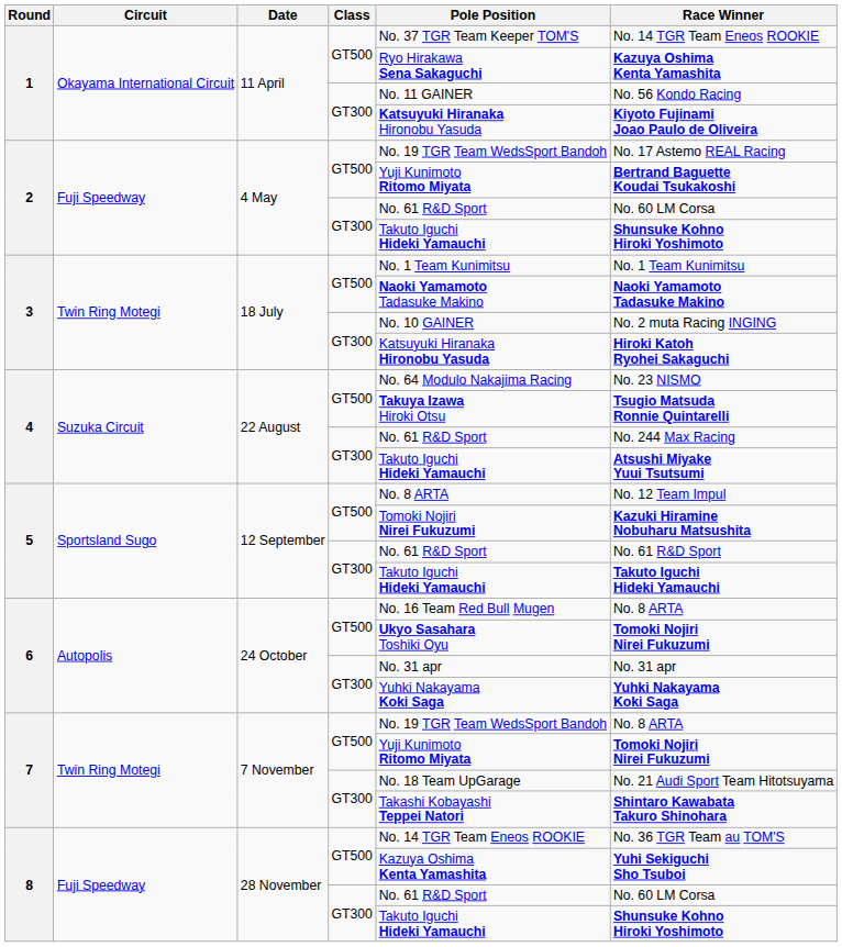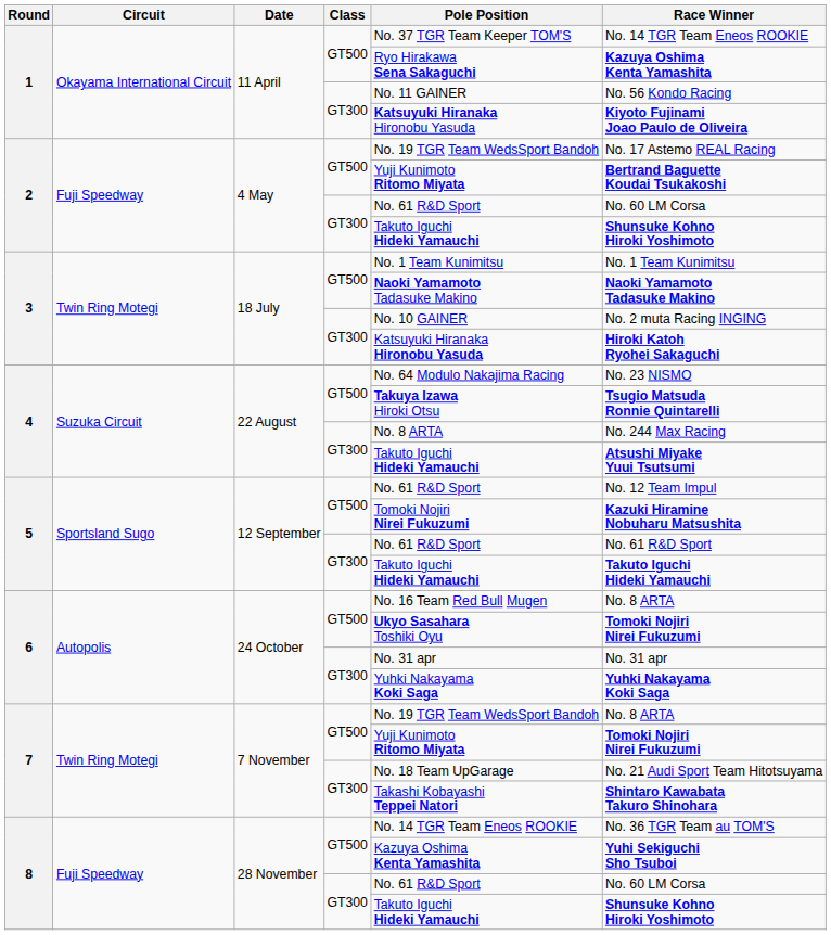 <table class="wikitable" style="font-size:85%;">
 <tr>
 <th>Round</th>
 <th>Circuit</th>
 <th>Date</th>
 <th>Class</th>
 <th>Pole Position</th>
 <th>Race Winner</th>
 </tr>
 <tr>
 <th rowspan="4">1</th>
 <td rowspan="4"><a href='#'>Okayama International Circuit</a></td>
 <td rowspan="4">11 April</td>
 <td rowspan="2" align="center">GT500</td>
 <td>No. 37 <a href='#'>TGR</a> Team Keeper <a href='#'>TOM'S</a></td>
 <td>No. 14 <a href='#'>TGR</a> Team <a href='#'>Eneos</a> <a href='#'>ROOKIE</a></td>
 </tr>
 <tr>
 <td> <a href='#'>Ryo Hirakawa</a><br><strong> <a href='#'>Sena Sakaguchi</a></strong></td>
 <td><strong> <a href='#'>Kazuya Oshima</a><br> <a href='#'>Kenta Yamashita</a></strong></td>
 </tr>
 <tr>
 <td rowspan="2" align="center">GT300</td>
 <td>No. 11 GAINER</td>
 <td>No. 56 <a href='#'>Kondo Racing</a></td>
 </tr>
 <tr>
 <td><strong> <a href='#'>Katsuyuki Hiranaka</a></strong><br> <a href='#'>Hironobu Yasuda</a></td>
 <td><strong> <a href='#'>Kiyoto Fujinami</a><br> <a href='#'>Joao Paulo de Oliveira</a></strong></td>
 </tr>
 <tr>
 <th rowspan="4">2</th>
 <td rowspan="4"><a href='#'>Fuji Speedway</a></td>
 <td rowspan="4">4 May</td>
 <td rowspan="2" align="center">GT500</td>
 <td>No. 19 <a href='#'>TGR</a> <a href='#'>Team WedsSport Bandoh</a></td>
 <td>No. 17 Astemo <a href='#'>REAL Racing</a></td>
 </tr>
 <tr>
 <td> <a href='#'>Yuji Kunimoto</a><br><strong> <a href='#'>Ritomo Miyata</a></strong></td>
 <td><strong> <a href='#'>Bertrand Baguette</a><br> <a href='#'>Koudai Tsukakoshi</a></strong></td>
 </tr>
 <tr>
 <td rowspan="2" align="center">GT300</td>
 <td>No. 61 <a href='#'>R&D Sport</a></td>
 <td>No. 60 LM Corsa</td>
 </tr>
 <tr>
 <td> <a href='#'>Takuto Iguchi</a><br><strong> <a href='#'>Hideki Yamauchi</a></strong></td>
 <td><strong> <a href='#'>Shunsuke Kohno</a><br> <a href='#'>Hiroki Yoshimoto</a></strong></td>
 </tr>
 <tr>
 <th rowspan="4">3</th>
 <td rowspan="4"><a href='#'>Twin Ring Motegi</a></td>
 <td rowspan="4">18 July</td>
 <td rowspan="2" align="center">GT500</td>
 <td>No. 1 <a href='#'>Team Kunimitsu</a></td>
 <td>No. 1 <a href='#'>Team Kunimitsu</a></td>
 </tr>
 <tr>
 <td><strong> <a href='#'>Naoki Yamamoto</a></strong><br> <a href='#'>Tadasuke Makino</a></td>
 <td><strong> <a href='#'>Naoki Yamamoto</a><br> <a href='#'>Tadasuke Makino</a></strong></td>
 </tr>
 <tr>
 <td rowspan="2" align="center">GT300</td>
 <td>No. 10 <a href='#'>GAINER</a></td>
 <td>No. 2 muta Racing <a href='#'>INGING</a></td>
 </tr>
 <tr>
 <td> <a href='#'>Katsuyuki Hiranaka</a><br><strong> <a href='#'>Hironobu Yasuda</a></strong></td>
 <td><strong> <a href='#'>Hiroki Katoh</a><br> <a href='#'>Ryohei Sakaguchi</a></strong></td>
 </tr>
 <tr>
 <th rowspan="4">4</th>
 <td rowspan="4"><a href='#'>Suzuka Circuit</a></td>
 <td rowspan="4">22 August</td>
 <td rowspan="2" align="center">GT500</td>
 <td>No. 64 <a href='#'>Modulo Nakajima Racing</a></td>
 <td>No. 23 <a href='#'>NISMO</a></td>
 </tr>
 <tr>
 <td><strong> <a href='#'>Takuya Izawa</a></strong><br> <a href='#'>Hiroki Otsu</a></td>
 <td><strong> <a href='#'>Tsugio Matsuda</a><br> <a href='#'>Ronnie Quintarelli</a></strong></td>
 </tr>
 <tr>
 <td rowspan="2" align="center">GT300</td>
-<td>No. 61 <a href='#'>R&D Sport</a></td>
+<td>No. 8 <a href='#'>ARTA</a></td>
 <td>No. 244 <a href='#'>Max Racing</a></td>
 </tr>
 <tr>
 <td> <a href='#'>Takuto Iguchi</a><br><strong> <a href='#'>Hideki Yamauchi</a></strong></td>
 <td><strong> <a href='#'>Atsushi Miyake</a><br> <a href='#'>Yuui Tsutsumi</a></strong></td>
 </tr>
 <tr>
 <th rowspan="4">5</th>
 <td rowspan="4"><a href='#'>Sportsland Sugo</a></td>
 <td rowspan="4">12 September</td>
 <td rowspan="2" align="center">GT500</td>
-<td>No. 8 <a href='#'>ARTA</a></td>
+<td>No. 61 <a href='#'>R&D Sport</a></td>
 <td>No. 12 <a href='#'>Team Impul</a></td>
 </tr>
 <tr>
 <td> <a href='#'>Tomoki Nojiri</a><br><strong> <a href='#'>Nirei Fukuzumi</a></strong></td>
 <td><strong> <a href='#'>Kazuki Hiramine</a><br> <a href='#'>Nobuharu Matsushita</a></strong></td>
 </tr>
 <tr>
 <td rowspan="2" align="center">GT300</td>
 <td>No. 61 <a href='#'>R&D Sport</a></td>
 <td>No. 61 <a href='#'>R&D Sport</a></td>
 </tr>
 <tr>
 <td> <a href='#'>Takuto Iguchi</a><br><strong> <a href='#'>Hideki Yamauchi</a></strong></td>
 <td><strong> <a href='#'>Takuto Iguchi</a><br> <a href='#'>Hideki Yamauchi</a></strong></td>
 </tr>
 <tr>
 <th rowspan="4">6</th>
 <td rowspan="4"><a href='#'>Autopolis</a></td>
 <td rowspan="4">24 October</td>
 <td rowspan="2" align="center">GT500</td>
 <td>No. 16 Team <a href='#'>Red Bull</a> <a href='#'>Mugen</a></td>
 <td>No. 8 <a href='#'>ARTA</a></td>
 </tr>
 <tr>
 <td><strong> <a href='#'>Ukyo Sasahara</a></strong><br> <a href='#'>Toshiki Oyu</a></td>
 <td><strong> <a href='#'>Tomoki Nojiri</a><br> <a href='#'>Nirei Fukuzumi</a></strong></td>
 </tr>
 <tr>
 <td rowspan="2" align="center">GT300</td>
 <td>No. 31 apr</td>
 <td>No. 31 apr</td>
 </tr>
 <tr>
 <td> <a href='#'>Yuhki Nakayama</a><br><strong> <a href='#'>Koki Saga</a></strong></td>
 <td><strong> <a href='#'>Yuhki Nakayama</a><br> <a href='#'>Koki Saga</a></strong></td>
 </tr>
 <tr>
 <th rowspan="4">7</th>
 <td rowspan="4"><a href='#'>Twin Ring Motegi</a></td>
 <td rowspan="4">7 November</td>
 <td rowspan="2" align="center">GT500</td>
 <td>No. 19 <a href='#'>TGR</a> <a href='#'>Team WedsSport Bandoh</a></td>
 <td>No. 8 <a href='#'>ARTA</a></td>
 </tr>
 <tr>
 <td> <a href='#'>Yuji Kunimoto</a><br><strong> <a href='#'>Ritomo Miyata</a></strong></td>
 <td><strong> <a href='#'>Tomoki Nojiri</a><br> <a href='#'>Nirei Fukuzumi</a></strong></td>
 </tr>
 <tr>
 <td rowspan="2" align="center">GT300</td>
 <td>No. 18 Team UpGarage</td>
 <td>No. 21 <a href='#'>Audi Sport</a> Team Hitotsuyama</td>
 </tr>
 <tr>
 <td> <a href='#'>Takashi Kobayashi</a><br><strong> <a href='#'>Teppei Natori</a></strong></td>
 <td><strong> <a href='#'>Shintaro Kawabata</a><br> <a href='#'>Takuro Shinohara</a></strong></td>
 </tr>
 <tr>
 <th rowspan="4">8</th>
 <td rowspan="4"><a href='#'>Fuji Speedway</a></td>
 <td rowspan="4">28 November</td>
 <td rowspan="2" align="center">GT500</td>
 <td>No. 14 <a href='#'>TGR</a> Team <a href='#'>Eneos</a> <a href='#'>ROOKIE</a></td>
 <td>No. 36 <a href='#'>TGR</a> Team <a href='#'>au</a> <a href='#'>TOM'S</a></td>
 </tr>
 <tr>
 <td> <a href='#'>Kazuya Oshima</a><br><strong> <a href='#'>Kenta Yamashita</a></strong></td>
 <td><strong> <a href='#'>Yuhi Sekiguchi</a><br> <a href='#'>Sho Tsuboi</a></strong></td>
 </tr>
 <tr>
 <td rowspan="2" align="center">GT300</td>
 <td>No. 61 <a href='#'>R&D Sport</a></td>
 <td>No. 60 LM Corsa</td>
 </tr>
 <tr>
 <td> <a href='#'>Takuto Iguchi</a><br><strong> <a href='#'>Hideki Yamauchi</a></strong></td>
 <td><strong> <a href='#'>Shunsuke Kohno</a><br> <a href='#'>Hiroki Yoshimoto</a></strong></td>
 </tr>
 </table>
